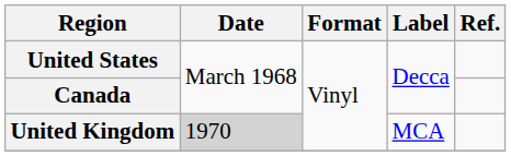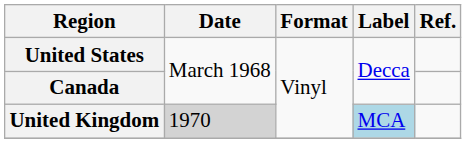 <table class="wikitable plainrowheaders">
 <tr>
 <th scope="col">Region</th>
 <th scope="col">Date</th>
 <th scope="col">Format</th>
 <th scope="col">Label</th>
 <th scope="col">Ref.</th>
 </tr>
 <tr>
 <th scope="row">United States</th>
 <td rowspan="2">March 1968</td>
 <td rowspan="3">Vinyl</td>
 <td rowspan="2"><a href='#'>Decca</a></td>
 <td></td>
 </tr>
 <tr>
 <th scope="row">Canada</th>
 <td></td>
 </tr>
 <tr>
 <th scope="row">United Kingdom</th>
 <td style="background: lightgrey;">1970</td>
-<td><a href='#'>MCA</a></td>
+<td style="background: lightblue;"><a href='#'>MCA</a></td>
 <td></td>
 </tr>
 <tr>
 </tr>
 </table>
